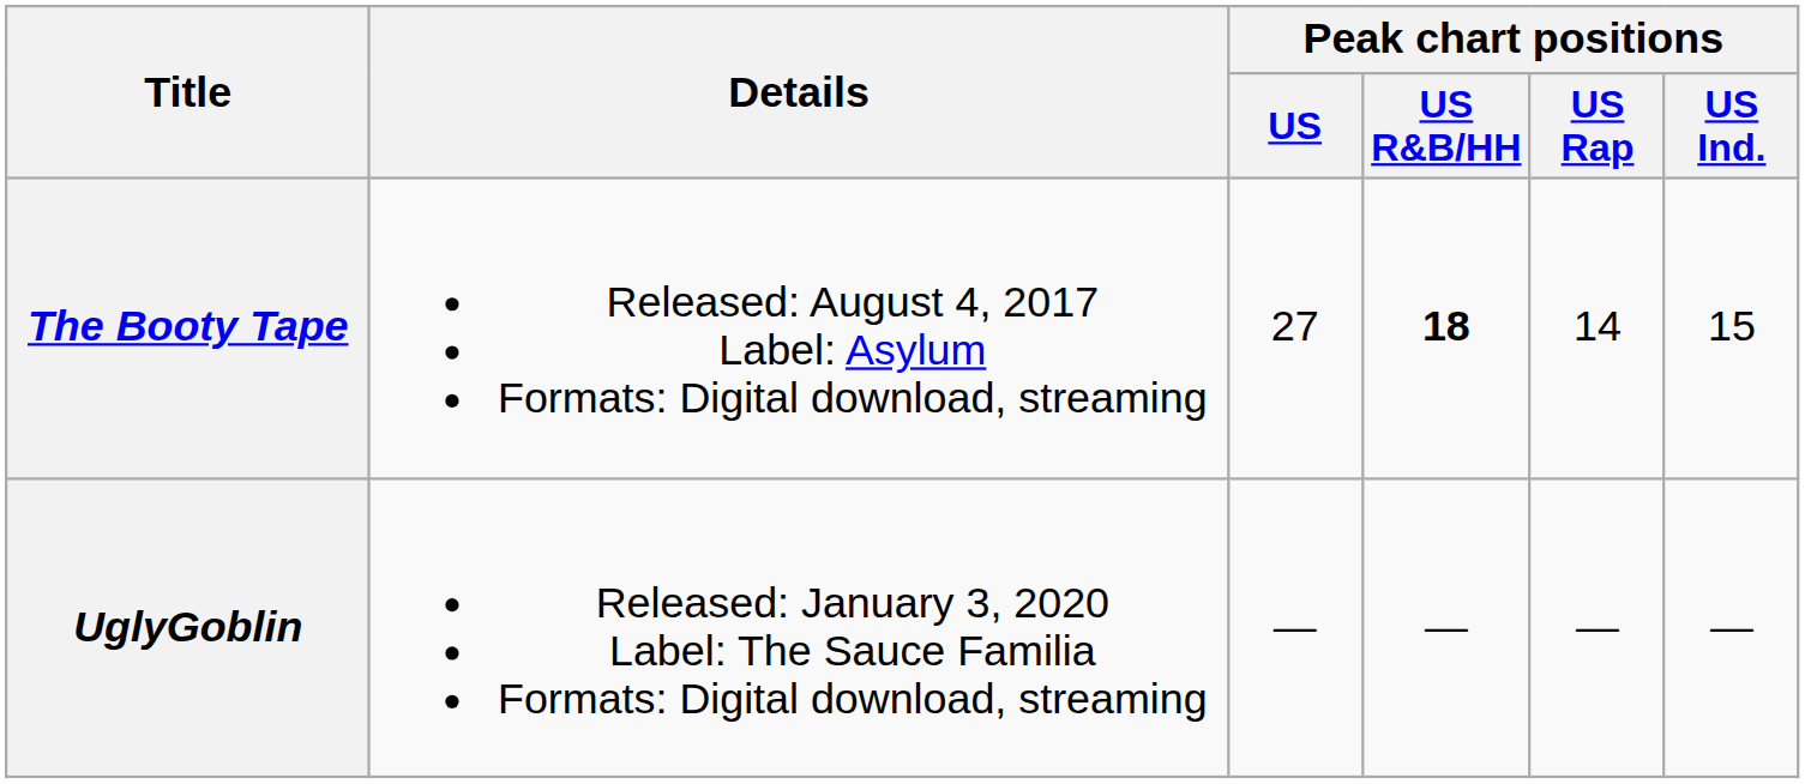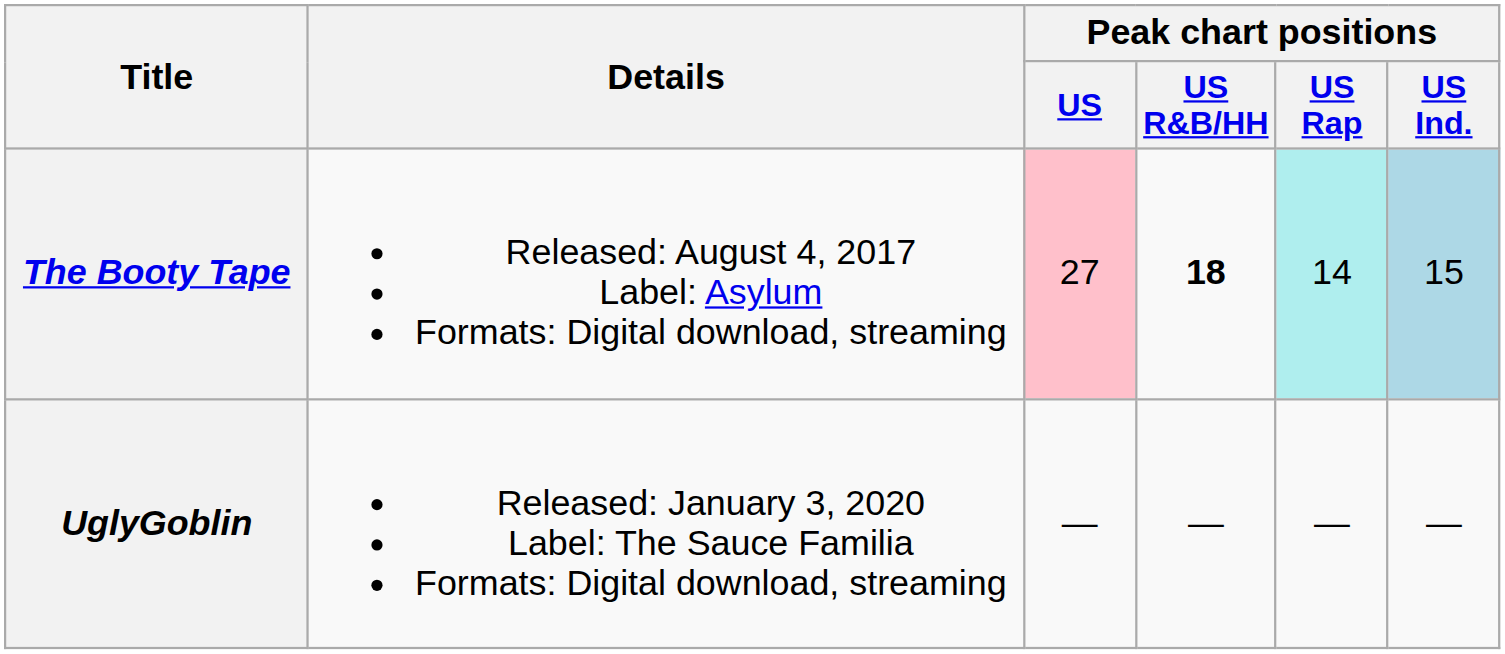 <table class="wikitable plainrowheaders" style="text-align:center;">
 <tr>
 <th scope="col" rowspan="2" style="width:8em;">Title</th>
 <th scope="col" rowspan="2" style="width:19.5em;">Details</th>
 <th colspan="4" scope="col">Peak chart positions</th>
 </tr>
 <tr>
 <th style="width:3em; font-size:90%"><a href='#'>US</a><br></th>
 <th style="width:3em; font-size:90%"><a href='#'>US<br>R&B/HH</a><br></th>
 <th style="width:3em; font-size:90%"><a href='#'>US<br>Rap</a><br></th>
 <th style="width:3em; font-size:90%"><a href='#'>US<br>Ind.</a><br></th>
 </tr>
 <tr>
 <th scope="row"><em><a href='#'>The Booty Tape</a></em></th>
 <td><br><ul><li>Released: August 4, 2017</li><li>Label: <a href='#'>Asylum</a></li><li>Formats: Digital download, streaming</li></ul></td>
-<td>27</td>
+<td style="background: pink;">27</td>
 <td><strong>18</strong></td>
-<td>14</td>
-<td>15</td>
+<td style="background: paleturquoise;">14</td>
+<td style="background: lightblue;">15</td>
 </tr>
 <tr>
 <th scope="row"><em>UglyGoblin</em><br> </th>
 <td><br><ul><li>Released: January 3, 2020</li><li>Label: The Sauce Familia</li><li>Formats: Digital download, streaming</li></ul></td>
 <td>—</td>
 <td>—</td>
 <td>—</td>
 <td>—</td>
 </tr>
 </table>
